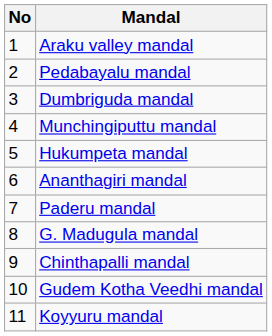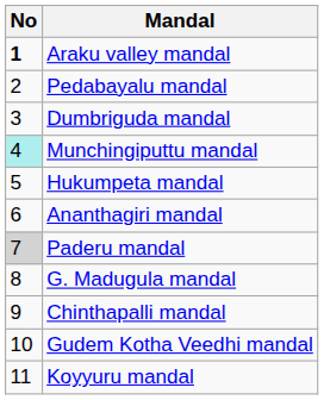 <table class="wikitable">
 <tr>
 <th>No</th>
 <th>Mandal</th>
 </tr>
 <tr>
-<td>1</td>
+<td><strong>1</strong></td>
 <td><a href='#'>Araku valley mandal</a></td>
 </tr>
 <tr>
 <td>2</td>
 <td><a href='#'>Pedabayalu mandal</a></td>
 </tr>
 <tr>
 <td>3</td>
 <td><a href='#'>Dumbriguda mandal</a></td>
 </tr>
 <tr>
-<td>4</td>
+<td style="background: paleturquoise;">4</td>
 <td><a href='#'>Munchingiputtu mandal</a></td>
 </tr>
 <tr>
 <td>5</td>
 <td><a href='#'>Hukumpeta mandal</a></td>
 </tr>
 <tr>
 <td>6</td>
 <td><a href='#'>Ananthagiri mandal</a></td>
 </tr>
 <tr>
-<td>7</td>
+<td style="background: lightgrey;">7</td>
 <td><a href='#'>Paderu mandal</a></td>
 </tr>
 <tr>
 <td>8</td>
 <td><a href='#'>G. Madugula mandal</a></td>
 </tr>
 <tr>
 <td>9</td>
 <td><a href='#'>Chinthapalli mandal</a></td>
 </tr>
 <tr>
 <td>10</td>
 <td><a href='#'>Gudem Kotha Veedhi mandal</a></td>
 </tr>
 <tr>
 <td>11</td>
 <td><a href='#'>Koyyuru mandal</a></td>
 </tr>
 </table>
